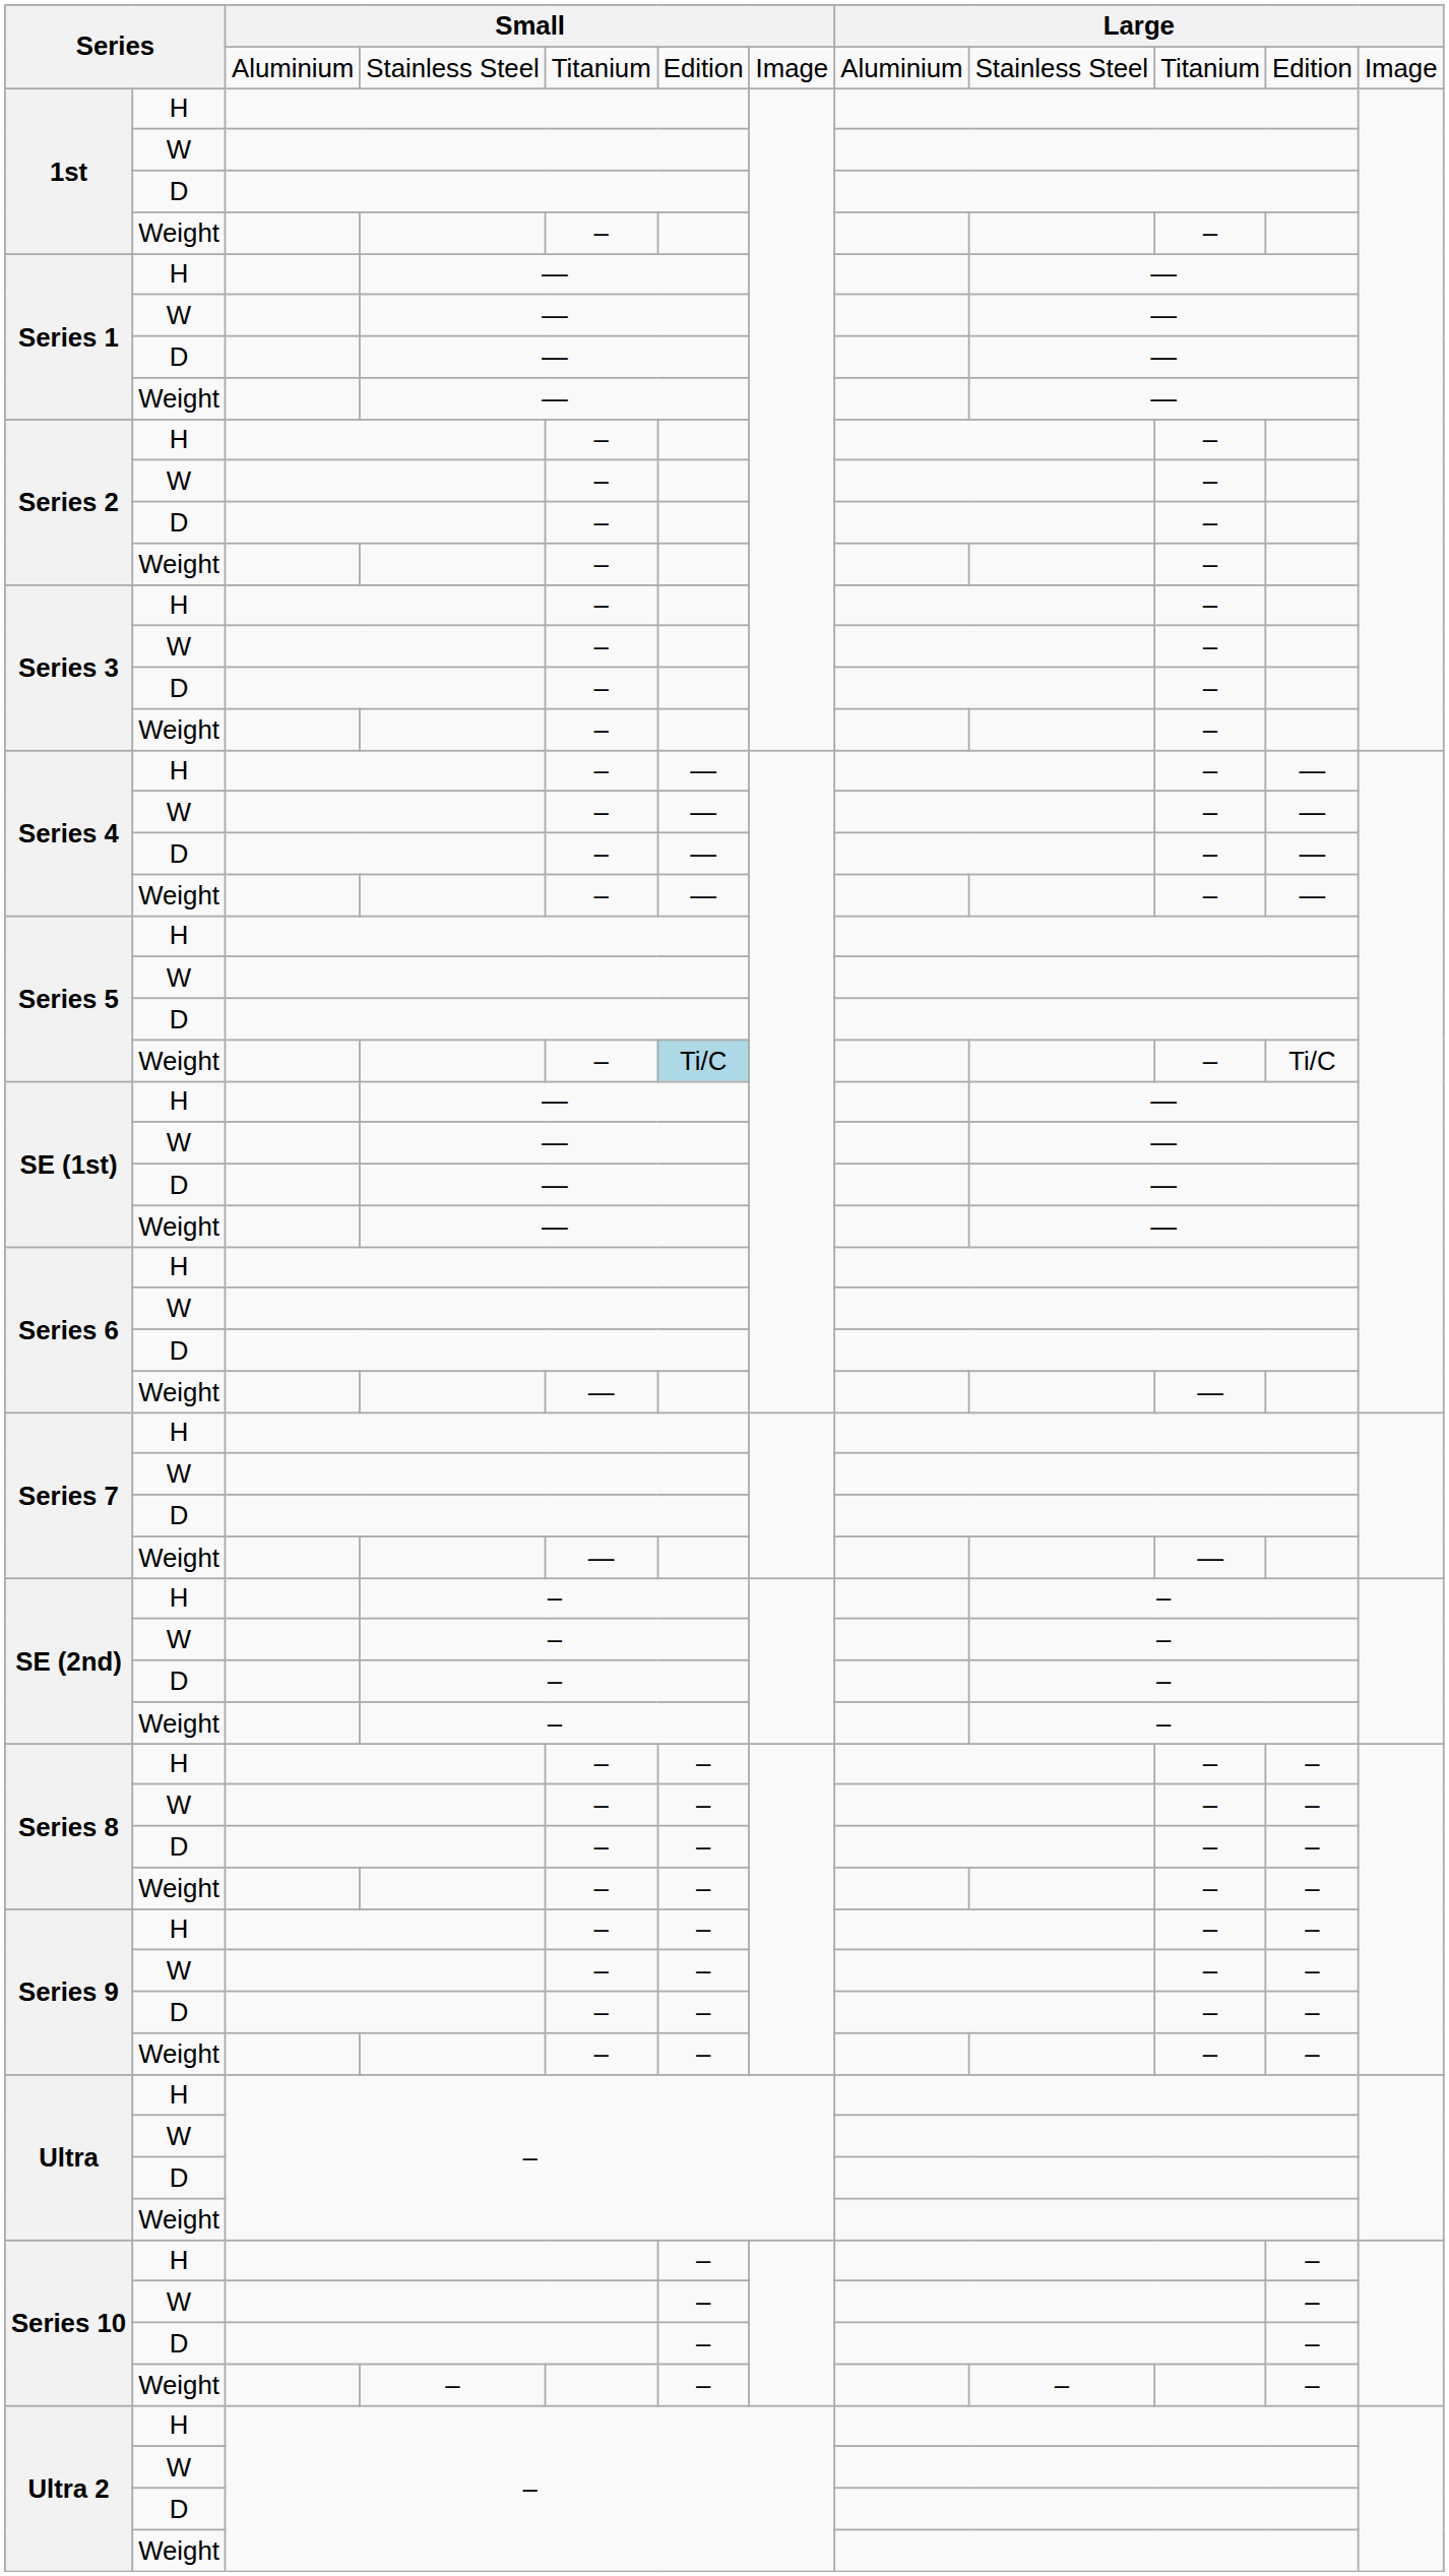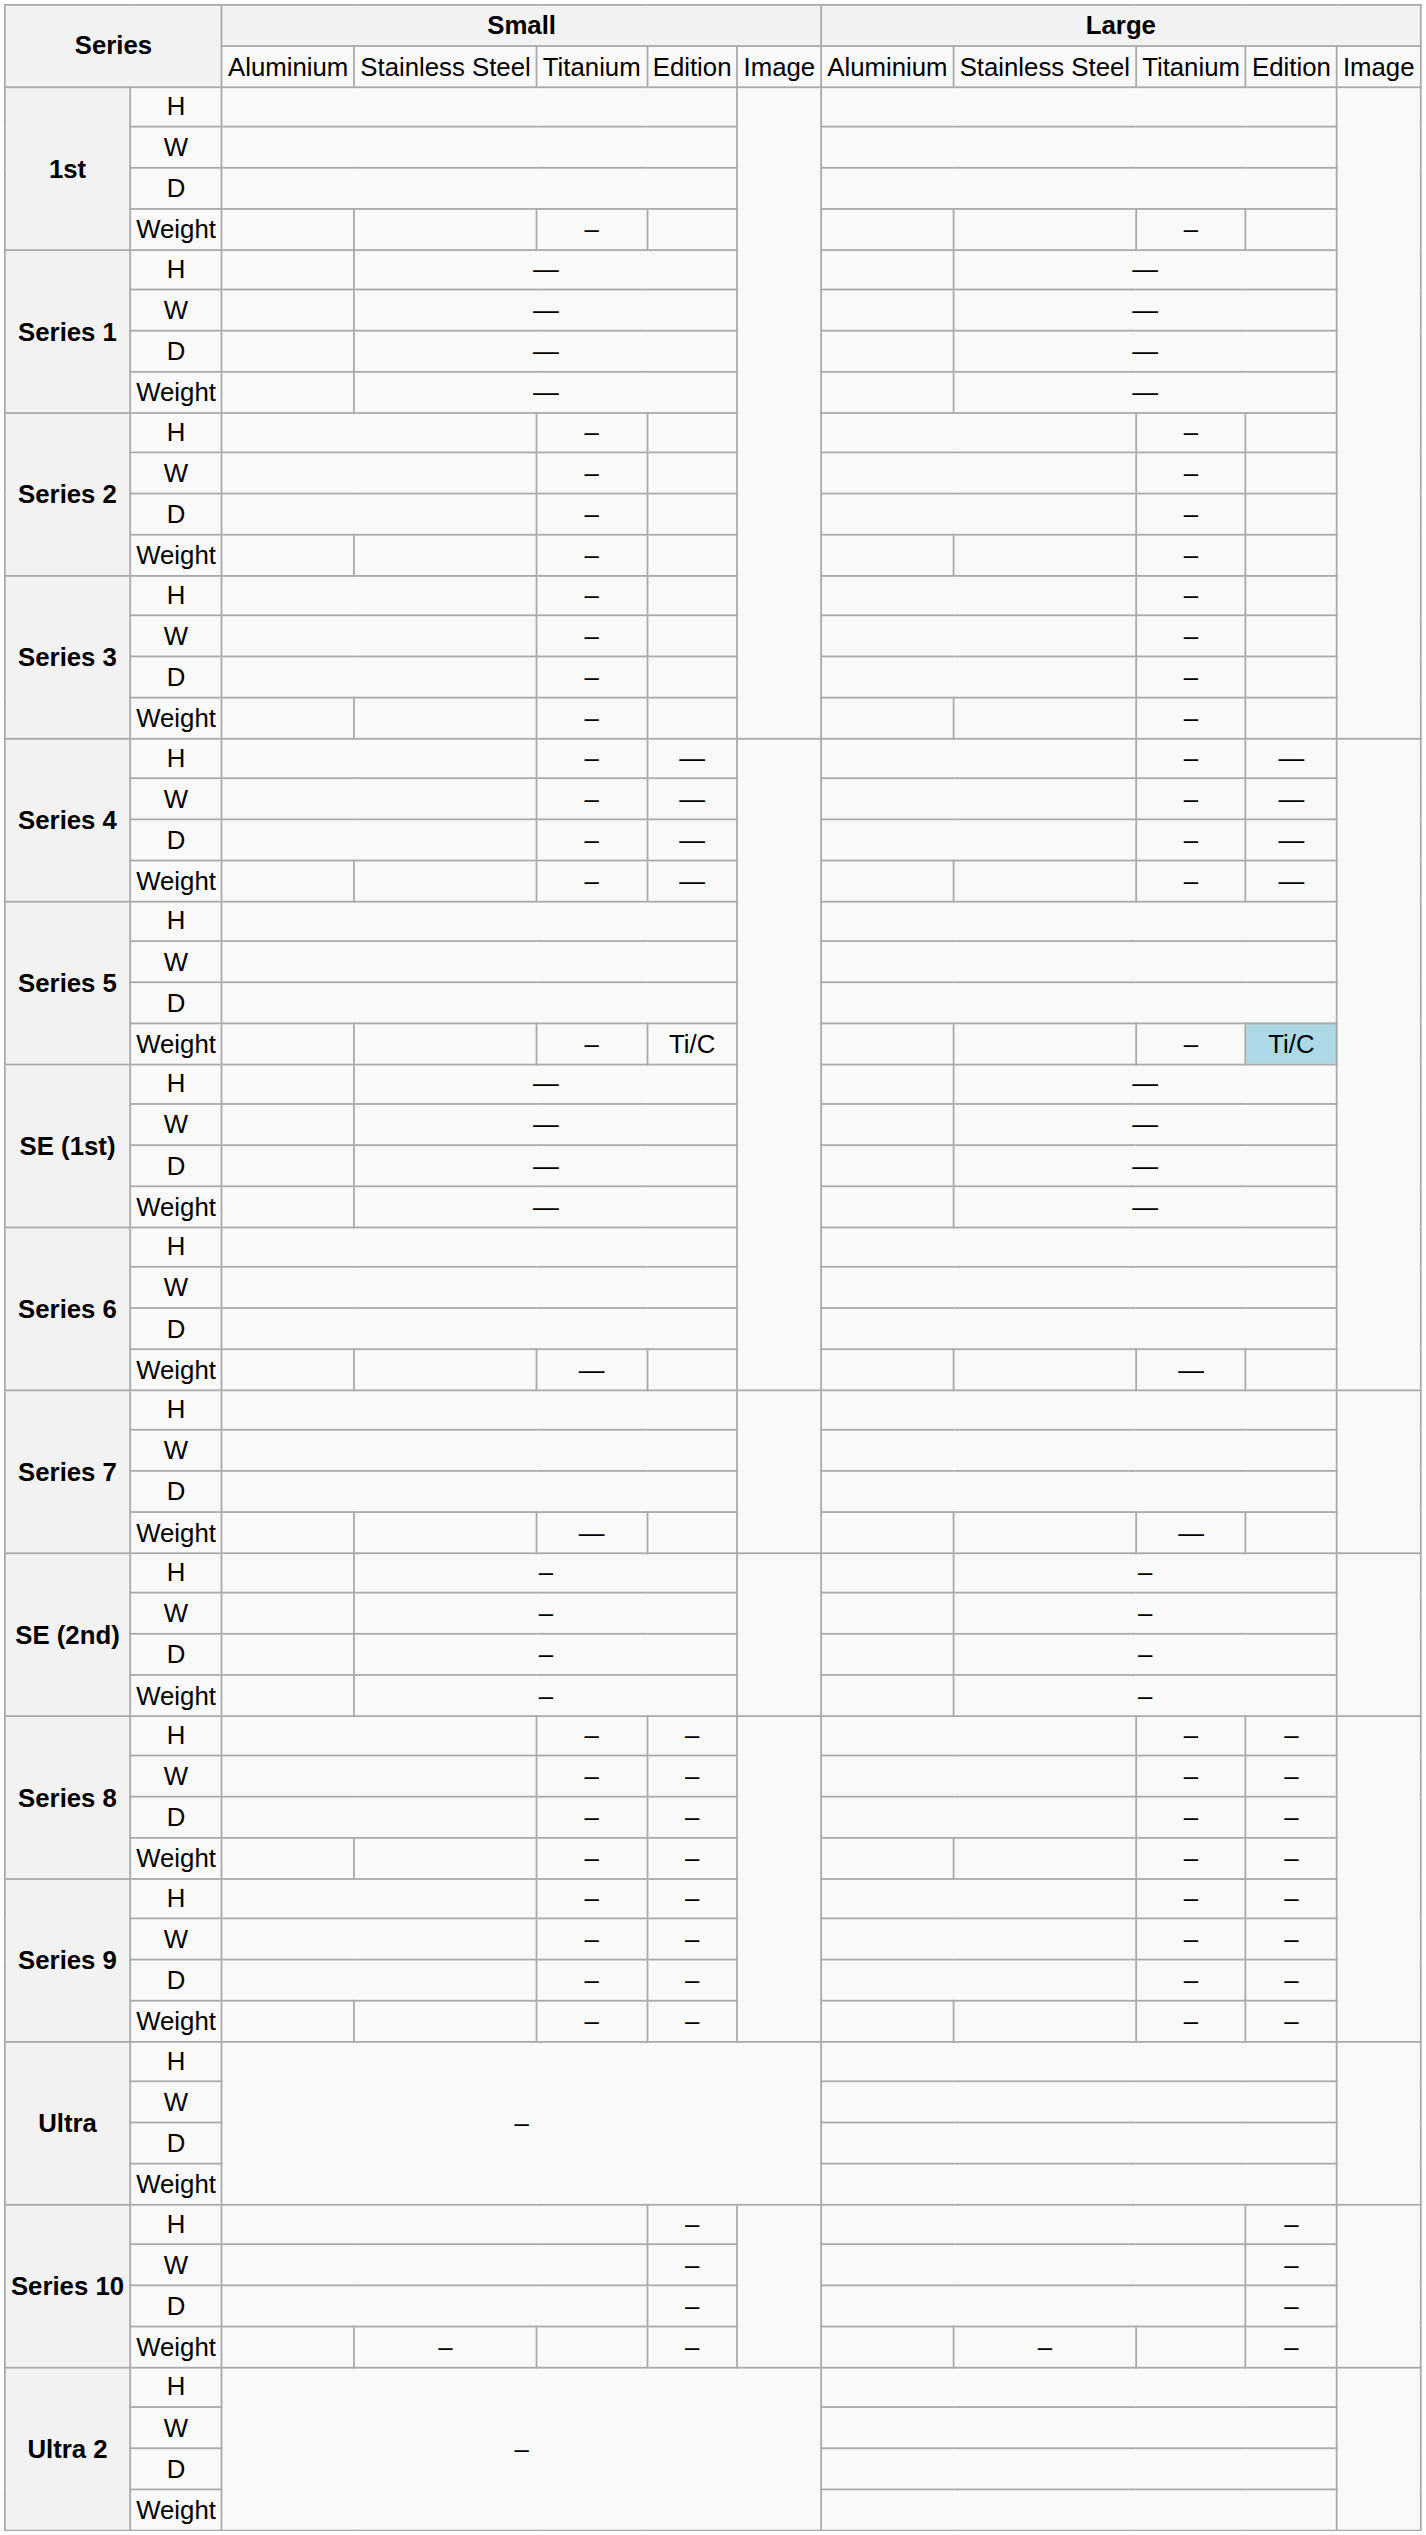 <table class="wikitable" style="text-align:center;font-size:90%">
 <tr>
 <th colspan=2 rowspan=2>Series</th>
 <th colspan="5">Small</th>
 <th colspan="5">Large</th>
 </tr>
 <tr>
 <td>Aluminium</td>
 <td>Stainless Steel</td>
 <td>Titanium</td>
 <td>Edition </td>
 <td>Image</td>
 <td>Aluminium</td>
 <td>Stainless Steel</td>
 <td>Titanium</td>
 <td>Edition </td>
 <td>Image</td>
 </tr>
 <tr>
 <th rowspan=4>1st</th>
 <td>H</td>
 <td colspan="4"></td>
 <td rowspan=16></td>
 <td colspan="4"></td>
 <td rowspan=16></td>
 </tr>
 <tr>
 <td>W</td>
 <td colspan="4"></td>
 <td colspan="4"></td>
 </tr>
 <tr>
 <td>D</td>
 <td colspan="4"></td>
 <td colspan="4"></td>
 </tr>
 <tr>
 <td>Weight</td>
 <td> </td>
 <td> </td>
 <td>–</td>
 <td></td>
 <td></td>
 <td> </td>
 <td>–</td>
 <td></td>
 </tr>
 <tr>
 <th rowspan=4>Series 1</th>
 <td>H</td>
 <td></td>
 <td colspan="3">—</td>
 <td></td>
 <td colspan="3">—</td>
 </tr>
 <tr>
 <td>W</td>
 <td></td>
 <td colspan="3">—</td>
 <td></td>
 <td colspan="3">—</td>
 </tr>
 <tr>
 <td>D</td>
 <td></td>
 <td colspan="3">—</td>
 <td></td>
 <td colspan="3">—</td>
 </tr>
 <tr>
 <td>Weight</td>
 <td> </td>
 <td colspan="3">—</td>
 <td> </td>
 <td colspan="3">—</td>
 </tr>
 <tr>
 <th rowspan=4>Series 2</th>
 <td>H</td>
 <td colspan=2></td>
 <td>–</td>
 <td></td>
 <td colspan=2></td>
 <td>–</td>
 <td></td>
 </tr>
 <tr>
 <td>W</td>
 <td colspan=2></td>
 <td>–</td>
 <td></td>
 <td colspan=2></td>
 <td>–</td>
 <td></td>
 </tr>
 <tr>
 <td>D</td>
 <td colspan=2></td>
 <td>–</td>
 <td></td>
 <td colspan=2></td>
 <td>–</td>
 <td></td>
 </tr>
 <tr>
 <td>Weight</td>
 <td> </td>
 <td> </td>
 <td>–</td>
 <td></td>
 <td></td>
 <td> </td>
 <td>–</td>
 <td></td>
 </tr>
 <tr>
 <th rowspan=4>Series 3</th>
 <td>H</td>
 <td colspan=2></td>
 <td>–</td>
 <td></td>
 <td colspan=2></td>
 <td>–</td>
 <td></td>
 </tr>
 <tr>
 <td>W</td>
 <td colspan=2></td>
 <td>–</td>
 <td></td>
 <td colspan=2></td>
 <td>–</td>
 <td></td>
 </tr>
 <tr>
 <td>D</td>
 <td colspan=2></td>
 <td>–</td>
 <td></td>
 <td colspan=2></td>
 <td>–</td>
 <td></td>
 </tr>
 <tr>
 <td>Weight</td>
 <td> </td>
 <td> </td>
 <td>–</td>
 <td></td>
 <td></td>
 <td> </td>
 <td>–</td>
 <td></td>
 </tr>
 <tr>
 <th rowspan=4>Series 4</th>
 <td>H</td>
 <td colspan=2></td>
 <td>–</td>
 <td>—</td>
 <td rowspan=16></td>
 <td colspan=2></td>
 <td>–</td>
 <td>—</td>
 <td rowspan=16></td>
 </tr>
 <tr>
 <td>W</td>
 <td colspan=2></td>
 <td>–</td>
 <td>—</td>
 <td colspan=2></td>
 <td>–</td>
 <td>—</td>
 </tr>
 <tr>
 <td>D</td>
 <td colspan=2></td>
 <td>–</td>
 <td>—</td>
 <td colspan=2></td>
 <td>–</td>
 <td>—</td>
 </tr>
 <tr>
 <td>Weight</td>
 <td> </td>
 <td> </td>
 <td>–</td>
 <td>—</td>
 <td></td>
 <td> </td>
 <td>–</td>
 <td>—</td>
 </tr>
 <tr>
 <th rowspan=4>Series 5</th>
 <td>H</td>
 <td colspan="4"></td>
 <td colspan="4"></td>
 </tr>
 <tr>
 <td>W</td>
 <td colspan="4"></td>
 <td colspan="4"></td>
 </tr>
 <tr>
 <td>D</td>
 <td colspan="4"></td>
 <td colspan="4"></td>
 </tr>
 <tr>
 <td>Weight</td>
 <td> </td>
 <td> </td>
 <td>–</td>
-<td style="background: lightblue;"> Ti/C</td>
+<td> Ti/C</td>
 <td> </td>
 <td> </td>
 <td>–</td>
-<td> Ti/C</td>
+<td style="background: lightblue;"> Ti/C</td>
 </tr>
 <tr>
 <th rowspan=4>SE (1st)</th>
 <td>H</td>
 <td></td>
 <td colspan="3">—</td>
 <td></td>
 <td colspan="3">—</td>
 </tr>
 <tr>
 <td>W</td>
 <td></td>
 <td colspan="3">—</td>
 <td></td>
 <td colspan="3">—</td>
 </tr>
 <tr>
 <td>D</td>
 <td></td>
 <td colspan="3">—</td>
 <td></td>
 <td colspan="3">—</td>
 </tr>
 <tr>
 <td>Weight</td>
 <td> </td>
 <td colspan="3">—</td>
 <td> </td>
 <td colspan="3">—</td>
 </tr>
 <tr>
 <th rowspan=4>Series 6</th>
 <td>H</td>
 <td colspan="4"></td>
 <td colspan="4"></td>
 </tr>
 <tr>
 <td>W</td>
 <td colspan="4"></td>
 <td colspan="4"></td>
 </tr>
 <tr>
 <td>D</td>
 <td colspan="4"></td>
 <td colspan="4"></td>
 </tr>
 <tr>
 <td>Weight</td>
 <td> </td>
 <td> </td>
 <td>—</td>
 <td></td>
 <td></td>
 <td> </td>
 <td>—</td>
 <td></td>
 </tr>
 <tr>
 <th rowspan=4>Series 7</th>
 <td>H</td>
 <td colspan="4"></td>
 <td rowspan=4></td>
 <td colspan="4"></td>
 <td rowspan=4></td>
 </tr>
 <tr>
 <td>W</td>
 <td colspan="4"></td>
 <td colspan="4"></td>
 </tr>
 <tr>
 <td>D</td>
 <td colspan="4"></td>
 <td colspan="4"></td>
 </tr>
 <tr>
 <td>Weight</td>
 <td> </td>
 <td> </td>
 <td>—</td>
 <td></td>
 <td></td>
 <td> </td>
 <td>—</td>
 <td></td>
 </tr>
 <tr>
 <th rowspan=4>SE (2nd)</th>
 <td>H</td>
 <td></td>
 <td colspan="3">–</td>
 <td rowspan=4></td>
 <td></td>
 <td colspan="3">–</td>
 <td rowspan=4></td>
 </tr>
 <tr>
 <td>W</td>
 <td></td>
 <td colspan="3">–</td>
 <td></td>
 <td colspan="3">–</td>
 </tr>
 <tr>
 <td>D</td>
 <td></td>
 <td colspan="3">–</td>
 <td></td>
 <td colspan="3">–</td>
 </tr>
 <tr>
 <td>Weight</td>
 <td> </td>
 <td colspan="3">–</td>
 <td> </td>
 <td colspan="3">–</td>
 </tr>
 <tr>
 <th rowspan=4>Series 8</th>
 <td>H</td>
 <td colspan=2></td>
 <td>–</td>
 <td>–</td>
 <td rowspan="8"></td>
 <td colspan=2></td>
 <td>–</td>
 <td>–</td>
 <td rowspan="8"></td>
 </tr>
 <tr>
 <td>W</td>
 <td colspan=2></td>
 <td>–</td>
 <td>–</td>
 <td colspan=2></td>
 <td>–</td>
 <td>–</td>
 </tr>
 <tr>
 <td>D</td>
 <td colspan=2></td>
 <td>–</td>
 <td>–</td>
 <td colspan=2></td>
 <td>–</td>
 <td>–</td>
 </tr>
 <tr>
 <td>Weight</td>
 <td></td>
 <td> </td>
 <td>–</td>
 <td>–</td>
 <td></td>
 <td> </td>
 <td>–</td>
 <td>–</td>
 </tr>
 <tr>
 <th rowspan=4>Series 9</th>
 <td>H</td>
 <td colspan=2></td>
 <td>–</td>
 <td>–</td>
 <td colspan=2></td>
 <td>–</td>
 <td>–</td>
 </tr>
 <tr>
 <td>W</td>
 <td colspan=2></td>
 <td>–</td>
 <td>–</td>
 <td colspan=2></td>
 <td>–</td>
 <td>–</td>
 </tr>
 <tr>
 <td>D</td>
 <td colspan=2></td>
 <td>–</td>
 <td>–</td>
 <td colspan=2></td>
 <td>–</td>
 <td>–</td>
 </tr>
 <tr>
 <td>Weight</td>
 <td></td>
 <td> </td>
 <td>–</td>
 <td>–</td>
 <td></td>
 <td> </td>
 <td>–</td>
 <td>–</td>
 </tr>
 <tr>
 <th rowspan=4>Ultra</th>
 <td>H</td>
 <td colspan="5" rowspan="4">–</td>
 <td colspan="4"></td>
 <td rowspan=4></td>
 </tr>
 <tr>
 <td>W</td>
 <td colspan="4"></td>
 </tr>
 <tr>
 <td>D</td>
 <td colspan="4"></td>
 </tr>
 <tr>
 <td>Weight</td>
 <td colspan="4"></td>
 </tr>
 <tr>
 <th rowspan="4">Series 10</th>
 <td>H</td>
 <td colspan="3"></td>
 <td>–</td>
 <td rowspan="4"></td>
 <td colspan="3"></td>
 <td>–</td>
 <td rowspan="4"></td>
 </tr>
 <tr>
 <td>W</td>
 <td colspan="3"></td>
 <td>–</td>
 <td colspan="3"></td>
 <td>–</td>
 </tr>
 <tr>
 <td>D</td>
 <td colspan="3"></td>
 <td>–</td>
 <td colspan="3"></td>
 <td>–</td>
 </tr>
 <tr>
 <td>Weight</td>
 <td></td>
 <td>–</td>
 <td></td>
 <td>–</td>
 <td></td>
 <td>–</td>
 <td></td>
 <td>–</td>
 </tr>
 <tr>
 <th rowspan="4">Ultra 2</th>
 <td>H</td>
 <td colspan="5" rowspan="4">–</td>
 <td colspan="4"></td>
 <td rowspan="4"></td>
 </tr>
 <tr>
 <td>W</td>
 <td colspan="4"></td>
 </tr>
 <tr>
 <td>D</td>
 <td colspan="4"></td>
 </tr>
 <tr>
 <td>Weight</td>
 <td colspan="4"></td>
 </tr>
 </table>
